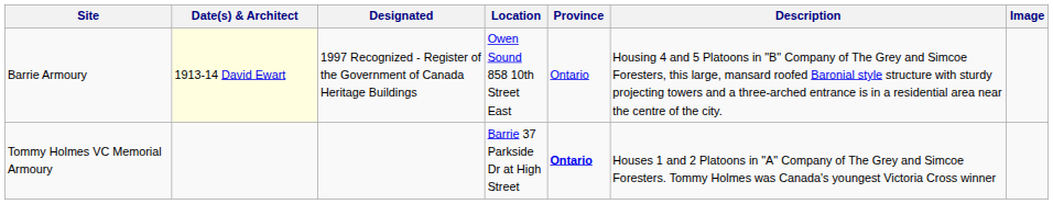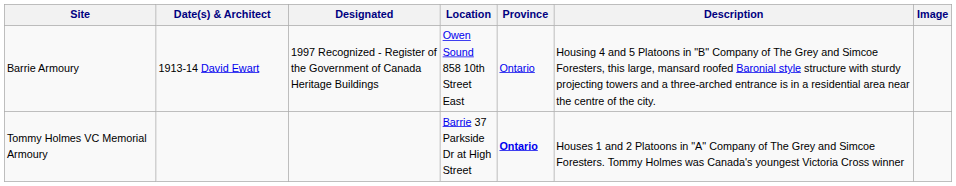 <table class="wikitable sortable" style="font-size:90%;width:100%;border:0px;text-align:left;line-height:150%;">
 <tr>
 <th style="background: #f2f2f2; color: #000080" width="16%">Site</th>
 <th style="background: #f2f2f2; color: #000080" width="14%">Date(s) & Architect</th>
 <th style="background: #f2f2f2; color: #000080" width="16%">Designated</th>
 <th style="background: #f2f2f2; color: #000080" width="6%">Location</th>
 <th style="background: #f2f2f2; color: #000080" width="6%">Province</th>
 <th style="background: #f2f2f2; color: #000080" width="38%" class="unsortable">Description</th>
 <th style="background: #f2f2f2; color: #000080" width="4%" class="unsortable">Image</th>
 </tr>
 <tr>
 <td>Barrie Armoury<br></td>
-<td style="background: lightyellow;">1913-14 <a href='#'>David Ewart</a></td>
+<td>1913-14 <a href='#'>David Ewart</a></td>
 <td>1997 Recognized - Register of the Government of Canada Heritage Buildings</td>
 <td><a href='#'>Owen Sound</a> 858 10th Street East </td>
 <td><a href='#'>Ontario</a></td>
 <td><br>Housing 4 and 5 Platoons in "B" Company of The Grey and Simcoe Foresters, this large, mansard roofed <a href='#'>Baronial style</a> structure with sturdy projecting towers and a three-arched entrance is in a residential area near the centre of the city.</td>
 <td></td>
 </tr>
 <tr>
 <td>Tommy Holmes VC Memorial Armoury</td>
 <td></td>
 <td></td>
 <td><a href='#'>Barrie</a> 37 Parkside Dr at High Street </td>
 <td><strong><a href='#'>Ontario</a></strong></td>
 <td><br>Houses 1 and 2 Platoons in "A" Company of The Grey and Simcoe Foresters. Tommy Holmes was Canada's youngest Victoria Cross winner</td>
 <td></td>
 </tr>
 <tr>
 </tr>
 </table>
